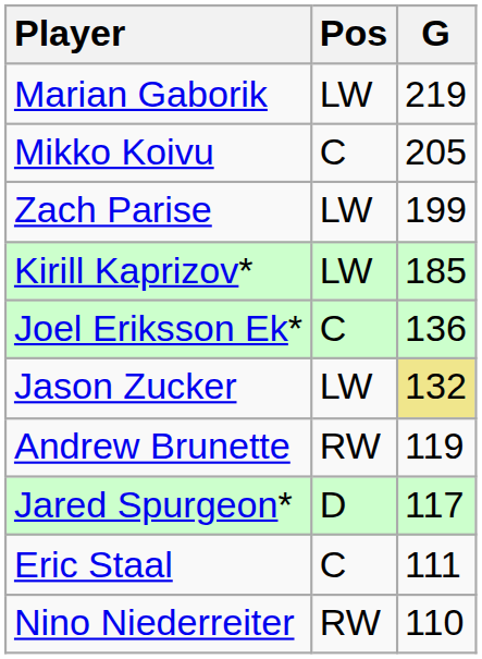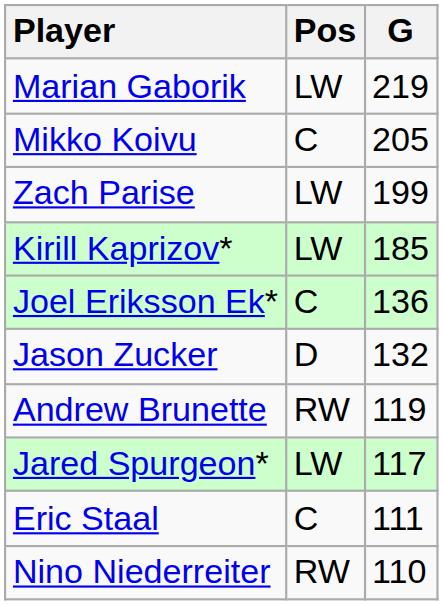 <table class="wikitable">
 <tr>
 <th style="text-align:left;">Player</th>
 <th>Pos</th>
 <th>G</th>
 </tr>
 <tr>
 <td style="text-align:left;"><a href='#'>Marian Gaborik</a></td>
 <td>LW</td>
 <td>219</td>
 </tr>
 <tr>
 <td style="text-align:left;"><a href='#'>Mikko Koivu</a></td>
 <td>C</td>
 <td>205</td>
 </tr>
 <tr>
 <td style="text-align:left;"><a href='#'>Zach Parise</a></td>
 <td>LW</td>
 <td>199</td>
 </tr>
 <tr style="background:#cfc;">
 <td style=“text-align:left;”><a href='#'>Kirill Kaprizov</a>*</td>
 <td>LW</td>
 <td>185</td>
 </tr>
 <tr style="background:#cfc;">
 <td style="text-align:left;"><a href='#'>Joel Eriksson Ek</a>*</td>
 <td>C</td>
 <td>136</td>
 </tr>
 <tr>
 <td style="text-align:left;"><a href='#'>Jason Zucker</a></td>
-<td>LW</td>
-<td style="background: khaki;">132</td>
+<td>D</td>
+<td>132</td>
 </tr>
 <tr>
 <td style="text-align:left;"><a href='#'>Andrew Brunette</a></td>
 <td>RW</td>
 <td>119</td>
 </tr>
 <tr style="background:#cfc;">
 <td style="text-align:left;"><a href='#'>Jared Spurgeon</a>*</td>
-<td>D</td>
+<td>LW</td>
 <td>117</td>
 </tr>
 <tr>
 <td style="text-align:left;"><a href='#'>Eric Staal</a></td>
 <td>C</td>
 <td>111</td>
 </tr>
 <tr>
 <td style="text-align:left;"><a href='#'>Nino Niederreiter</a></td>
 <td>RW</td>
 <td>110</td>
 </tr>
 </table>
